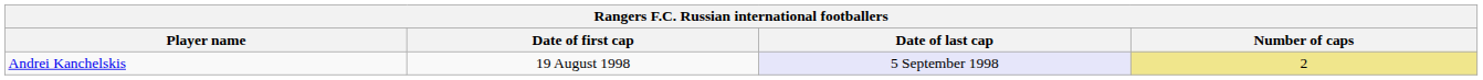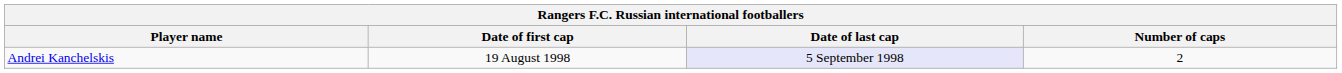 <table class="wikitable plainrowheaders" style="width: 80%;">
 <tr>
 <th colspan=5>Rangers F.C. Russian international footballers </th>
 </tr>
 <tr>
 <th scope="col">Player name</th>
 <th scope="col">Date of first cap</th>
 <th scope="col">Date of last cap</th>
 <th scope="col">Number of caps</th>
 </tr>
 <tr>
 <td><a href='#'>Andrei Kanchelskis</a></td>
 <td align="center">19 August 1998</td>
 <td align="center" style="background: lavender;">5 September 1998</td>
-<td align="center" style="background: khaki;">2</td>
+<td align="center">2</td>
 </tr>
 </table>
